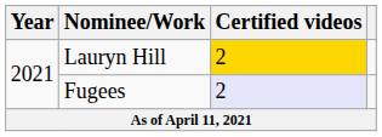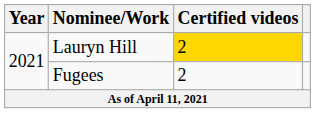 <table class="wikitable">
 <tr>
 <th>Year</th>
 <th>Nominee/Work</th>
 <th>Certified videos</th>
 <th></th>
 </tr>
 <tr>
 <td rowspan="2">2021</td>
 <td>Lauryn Hill</td>
 <td style="background: gold;">2</td>
 <td style="text-align:center;"></td>
 </tr>
 <tr>
 <td>Fugees</td>
-<td style="background: lavender;">2</td>
+<td>2</td>
 <td style="text-align:center;"></td>
 </tr>
 <tr>
 <th colspan="4" style="text-align:center; font-size:8pt;">As of April 11, 2021</th>
 </tr>
 </table>
